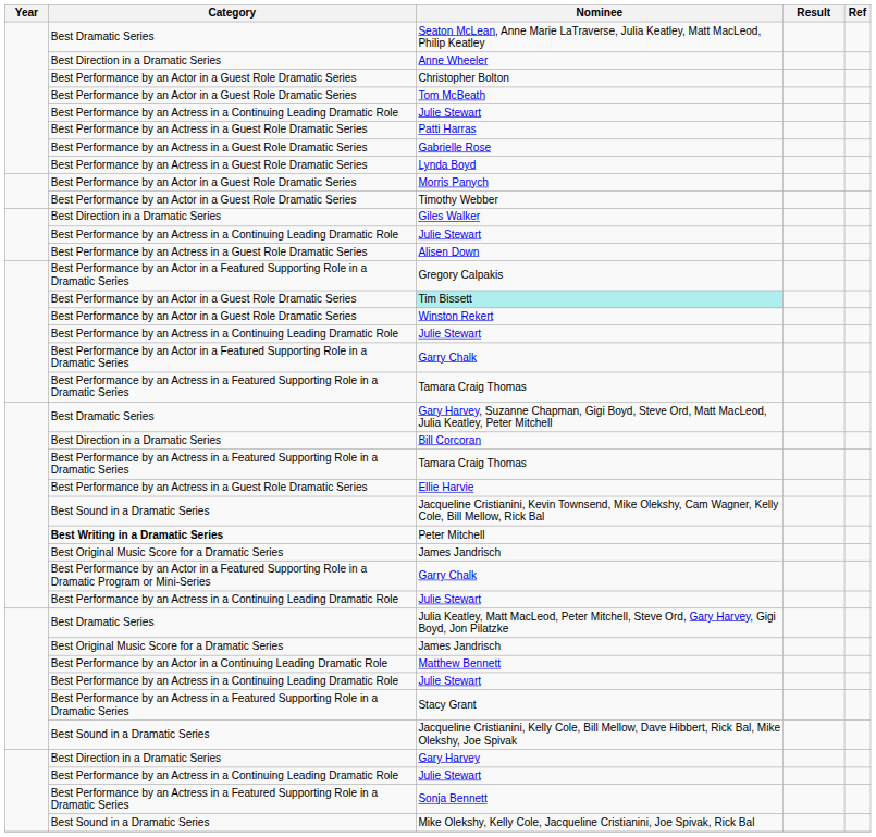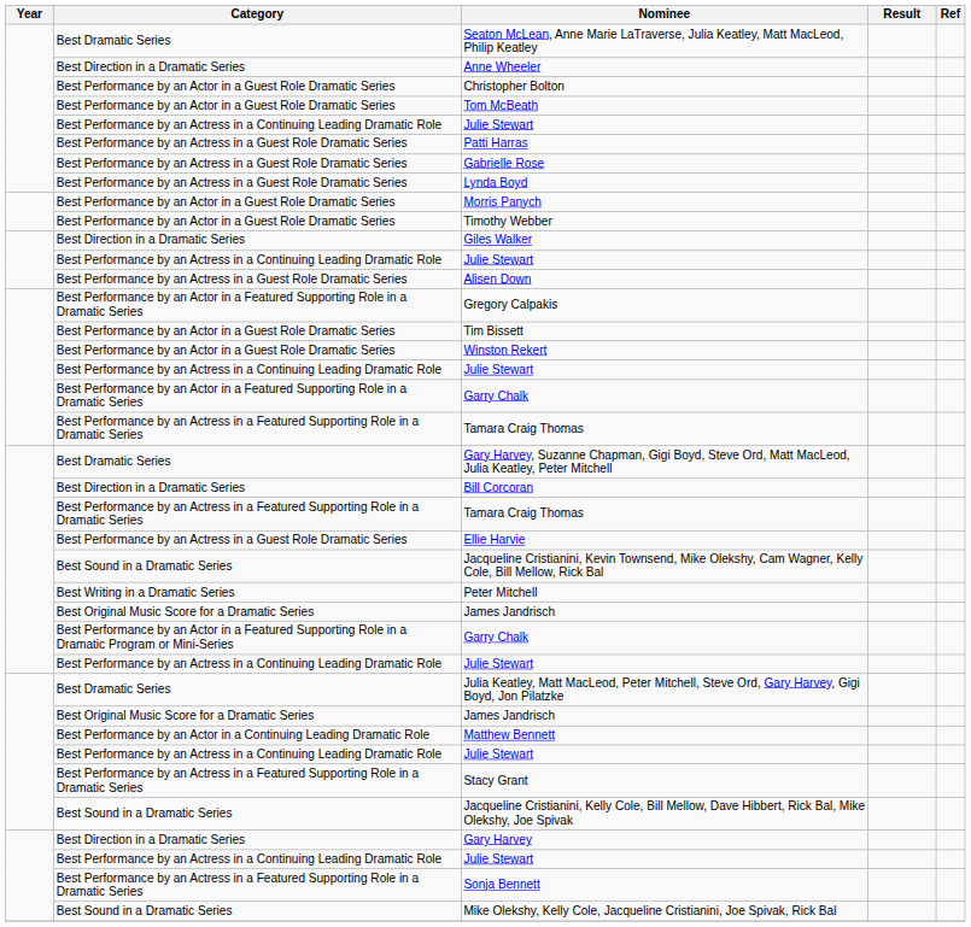 <table class="wikitable" border="1" style="width:100%">
 <tr>
 <th style="width:5%;">Year</th>
 <th style="width:42%;">Category</th>
 <th style="width:42%;">Nominee</th>
 <th style="width:7%;">Result</th>
 <th style="width:3%;">Ref</th>
 </tr>
 <tr>
 <td rowspan="8"></td>
 <td>Best Dramatic Series</td>
 <td><a href='#'>Seaton McLean</a>, Anne Marie LaTraverse, Julia Keatley, Matt MacLeod, Philip Keatley</td>
 <td></td>
 <td></td>
 </tr>
 <tr>
 <td>Best Direction in a Dramatic Series</td>
 <td><a href='#'>Anne Wheeler</a> </td>
 <td></td>
 <td></td>
 </tr>
 <tr>
 <td>Best Performance by an Actor in a Guest Role Dramatic Series</td>
 <td>Christopher Bolton </td>
 <td></td>
 <td></td>
 </tr>
 <tr>
 <td>Best Performance by an Actor in a Guest Role Dramatic Series</td>
 <td><a href='#'>Tom McBeath</a> </td>
 <td></td>
 <td></td>
 </tr>
 <tr>
 <td>Best Performance by an Actress in a Continuing Leading Dramatic Role</td>
 <td><a href='#'>Julie Stewart</a> </td>
 <td></td>
 <td></td>
 </tr>
 <tr>
 <td>Best Performance by an Actress in a Guest Role Dramatic Series</td>
 <td><a href='#'>Patti Harras</a> </td>
 <td></td>
 <td></td>
 </tr>
 <tr>
 <td>Best Performance by an Actress in a Guest Role Dramatic Series</td>
 <td><a href='#'>Gabrielle Rose</a> </td>
 <td></td>
 <td></td>
 </tr>
 <tr>
 <td>Best Performance by an Actress in a Guest Role Dramatic Series</td>
 <td><a href='#'>Lynda Boyd</a> </td>
 <td></td>
 <td></td>
 </tr>
 <tr>
 <td rowspan="2"></td>
 <td>Best Performance by an Actor in a Guest Role Dramatic Series</td>
 <td><a href='#'>Morris Panych</a> </td>
 <td></td>
 <td></td>
 </tr>
 <tr>
 <td>Best Performance by an Actor in a Guest Role Dramatic Series</td>
 <td>Timothy Webber </td>
 <td></td>
 <td></td>
 </tr>
 <tr>
 <td rowspan="3"></td>
 <td>Best Direction in a Dramatic Series</td>
 <td><a href='#'>Giles Walker</a></td>
 <td></td>
 <td></td>
 </tr>
 <tr>
 <td>Best Performance by an Actress in a Continuing Leading Dramatic Role</td>
 <td><a href='#'>Julie Stewart</a></td>
 <td></td>
 <td></td>
 </tr>
 <tr>
 <td>Best Performance by an Actress in a Guest Role Dramatic Series</td>
 <td><a href='#'>Alisen Down</a> </td>
 <td></td>
 <td></td>
 </tr>
 <tr>
 <td rowspan="6"></td>
 <td>Best Performance by an Actor in a Featured Supporting Role in a Dramatic Series</td>
 <td>Gregory Calpakis</td>
 <td></td>
 <td></td>
 </tr>
 <tr>
 <td>Best Performance by an Actor in a Guest Role Dramatic Series</td>
-<td style="background: paleturquoise;">Tim Bissett </td>
+<td>Tim Bissett </td>
 <td></td>
 <td></td>
 </tr>
 <tr>
 <td>Best Performance by an Actor in a Guest Role Dramatic Series</td>
 <td><a href='#'>Winston Rekert</a> </td>
 <td></td>
 <td></td>
 </tr>
 <tr>
 <td>Best Performance by an Actress in a Continuing Leading Dramatic Role</td>
 <td><a href='#'>Julie Stewart</a></td>
 <td></td>
 <td></td>
 </tr>
 <tr>
 <td>Best Performance by an Actor in a Featured Supporting Role in a Dramatic Series</td>
 <td><a href='#'>Garry Chalk</a></td>
 <td></td>
 <td></td>
 </tr>
 <tr>
 <td>Best Performance by an Actress in a Featured Supporting Role in a Dramatic Series</td>
 <td>Tamara Craig Thomas </td>
 <td></td>
 <td></td>
 </tr>
 <tr>
 <td rowspan="9"></td>
 <td>Best Dramatic Series</td>
 <td><a href='#'>Gary Harvey</a>, Suzanne Chapman, Gigi Boyd, Steve Ord, Matt MacLeod, Julia Keatley, Peter Mitchell</td>
 <td></td>
 <td></td>
 </tr>
 <tr>
 <td>Best Direction in a Dramatic Series</td>
 <td><a href='#'>Bill Corcoran</a></td>
 <td></td>
 <td></td>
 </tr>
 <tr>
 <td>Best Performance by an Actress in a Featured Supporting Role in a Dramatic Series</td>
 <td>Tamara Craig Thomas </td>
 <td></td>
 <td></td>
 </tr>
 <tr>
 <td>Best Performance by an Actress in a Guest Role Dramatic Series</td>
 <td><a href='#'>Ellie Harvie</a> </td>
 <td></td>
 <td></td>
 </tr>
 <tr>
 <td>Best Sound in a Dramatic Series</td>
 <td>Jacqueline Cristianini, Kevin Townsend, Mike Olekshy, Cam Wagner, Kelly Cole, Bill Mellow, Rick Bal </td>
 <td></td>
 <td></td>
 </tr>
 <tr>
-<td><strong>Best Writing in a Dramatic Series</strong></td>
+<td>Best Writing in a Dramatic Series</td>
 <td>Peter Mitchell </td>
 <td></td>
 <td></td>
 </tr>
 <tr>
 <td>Best Original Music Score for a Dramatic Series</td>
 <td>James Jandrisch </td>
 <td></td>
 <td></td>
 </tr>
 <tr>
 <td>Best Performance by an Actor in a Featured Supporting Role in a Dramatic Program or Mini-Series</td>
 <td><a href='#'>Garry Chalk</a> </td>
 <td></td>
 <td></td>
 </tr>
 <tr>
 <td>Best Performance by an Actress in a Continuing Leading Dramatic Role</td>
 <td><a href='#'>Julie Stewart</a></td>
 <td></td>
 <td></td>
 </tr>
 <tr>
 <td rowspan="6"></td>
 <td>Best Dramatic Series</td>
 <td>Julia Keatley, Matt MacLeod, Peter Mitchell, Steve Ord, <a href='#'>Gary Harvey</a>, Gigi Boyd, Jon Pilatzke</td>
 <td></td>
 <td></td>
 </tr>
 <tr>
 <td>Best Original Music Score for a Dramatic Series</td>
 <td>James Jandrisch</td>
 <td></td>
 <td></td>
 </tr>
 <tr>
 <td>Best Performance by an Actor in a Continuing Leading Dramatic Role</td>
 <td><a href='#'>Matthew Bennett</a> </td>
 <td></td>
 <td></td>
 </tr>
 <tr>
 <td>Best Performance by an Actress in a Continuing Leading Dramatic Role</td>
 <td><a href='#'>Julie Stewart</a></td>
 <td></td>
 <td></td>
 </tr>
 <tr>
 <td>Best Performance by an Actress in a Featured Supporting Role in a Dramatic Series</td>
 <td>Stacy Grant</td>
 <td></td>
 <td></td>
 </tr>
 <tr>
 <td>Best Sound in a Dramatic Series</td>
 <td>Jacqueline Cristianini, Kelly Cole, Bill Mellow, Dave Hibbert, Rick Bal, Mike Olekshy, Joe Spivak</td>
 <td></td>
 <td></td>
 </tr>
 <tr>
 <td rowspan="4"></td>
 <td>Best Direction in a Dramatic Series</td>
 <td><a href='#'>Gary Harvey</a> </td>
 <td></td>
 <td></td>
 </tr>
 <tr>
 <td>Best Performance by an Actress in a Continuing Leading Dramatic Role</td>
 <td><a href='#'>Julie Stewart</a> </td>
 <td></td>
 <td></td>
 </tr>
 <tr>
 <td>Best Performance by an Actress in a Featured Supporting Role in a Dramatic Series</td>
 <td><a href='#'>Sonja Bennett</a> </td>
 <td></td>
 <td></td>
 </tr>
 <tr>
 <td>Best Sound in a Dramatic Series</td>
 <td>Mike Olekshy, Kelly Cole, Jacqueline Cristianini, Joe Spivak, Rick Bal </td>
 <td></td>
 <td></td>
 </tr>
 <tr>
 </tr>
 </table>
